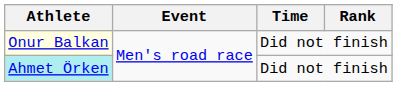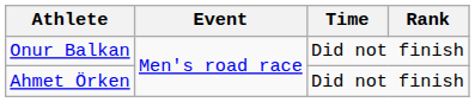 <table class="wikitable" style="font-size:90%">
 <tr>
 <th>Athlete</th>
 <th>Event</th>
 <th>Time</th>
 <th>Rank</th>
 </tr>
 <tr align=center>
-<td align=left style="background: lightyellow;"><a href='#'>Onur Balkan</a></td>
+<td align=left><a href='#'>Onur Balkan</a></td>
 <td align=left rowspan=2><a href='#'>Men's road race</a></td>
 <td colspan=2>Did not finish</td>
 </tr>
 <tr align=center>
-<td align=left style="background: paleturquoise;"><a href='#'>Ahmet Örken</a></td>
+<td align=left><a href='#'>Ahmet Örken</a></td>
 <td colspan=2>Did not finish</td>
 </tr>
 </table>
